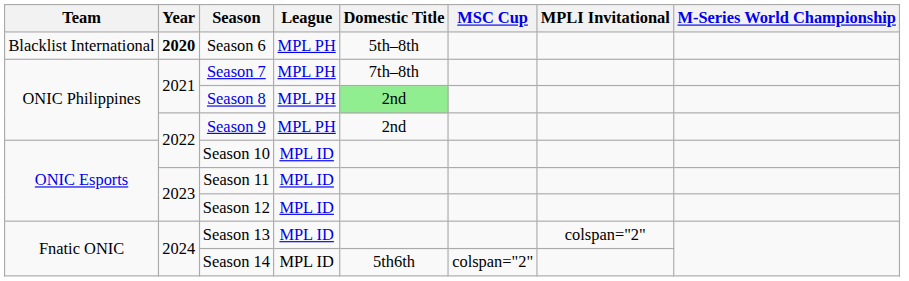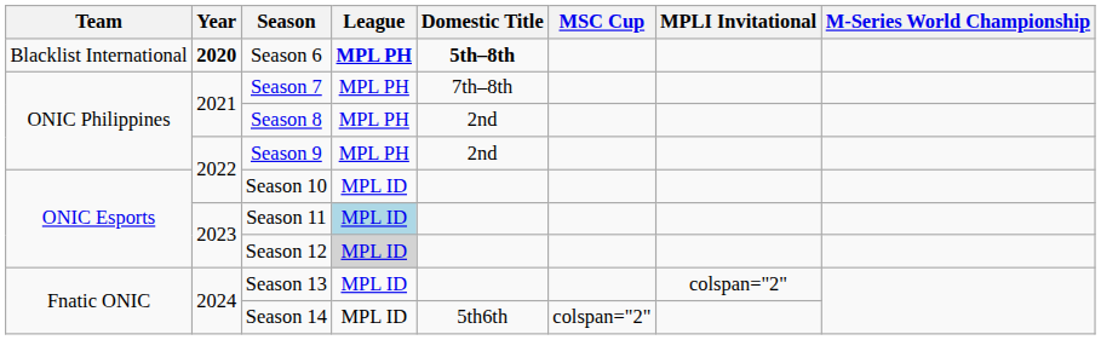 <table class="wikitable" style="font-size:90%; text-align:center;">
 <tr>
 <th>Team</th>
 <th>Year</th>
 <th>Season</th>
 <th>League</th>
 <th>Domestic Title</th>
 <th><a href='#'>MSC Cup</a></th>
 <th>MPLI Invitational</th>
 <th><a href='#'>M-Series World Championship</a></th>
 </tr>
 <tr>
 <td>Blacklist International</td>
 <td><strong>2020</strong></td>
 <td>Season 6</td>
-<td><a href='#'>MPL PH</a></td>
-<td>5th–8th</td>
+<td><strong><a href='#'>MPL PH</a></strong></td>
+<td><strong>5th–8th</strong></td>
 <td></td>
 <td></td>
 <td></td>
 </tr>
 <tr>
 <td rowspan="3">ONIC Philippines</td>
 <td rowspan="2">2021</td>
 <td><a href='#'>Season 7</a></td>
 <td><a href='#'>MPL PH</a></td>
 <td>7th–8th</td>
 <td></td>
 <td></td>
 <td></td>
 </tr>
 <tr>
 <td><a href='#'>Season 8</a></td>
 <td><a href='#'>MPL PH</a></td>
-<td style="background: lightgreen;">2nd</td>
+<td>2nd</td>
 <td></td>
 <td></td>
 <td></td>
 </tr>
 <tr>
 <td rowspan="2">2022</td>
 <td><a href='#'>Season 9</a></td>
 <td><a href='#'>MPL PH</a></td>
 <td>2nd</td>
 <td></td>
 <td></td>
 <td></td>
 </tr>
 <tr>
 <td rowspan="3"><a href='#'>ONIC Esports</a></td>
 <td>Season 10</td>
 <td><a href='#'>MPL ID</a></td>
 <td></td>
 <td></td>
 <td></td>
 <td></td>
 </tr>
 <tr>
 <td rowspan="2">2023</td>
 <td>Season 11</td>
-<td><a href='#'>MPL ID</a></td>
+<td style="background: lightblue;"><a href='#'>MPL ID</a></td>
 <td></td>
 <td></td>
 <td></td>
 <td></td>
 </tr>
 <tr>
 <td>Season 12</td>
-<td><a href='#'>MPL ID</a></td>
+<td style="background: lightgrey;"><a href='#'>MPL ID</a></td>
 <td></td>
 <td></td>
 <td></td>
 <td></td>
 </tr>
 <tr>
 <td rowspan="2">Fnatic ONIC</td>
 <td rowspan="2">2024</td>
 <td>Season 13</td>
 <td><a href='#'>MPL ID</a></td>
 <td></td>
 <td></td>
 <td>colspan="2" </td>
 </tr>
 <tr>
 <td>Season 14</td>
 <td>MPL ID</td>
 <td>5th6th</td>
 <td>colspan="2" </td>
 <td></td>
 </tr>
 </table>
